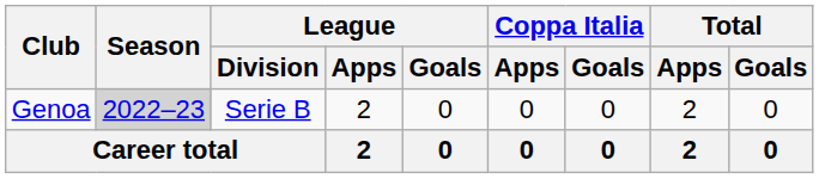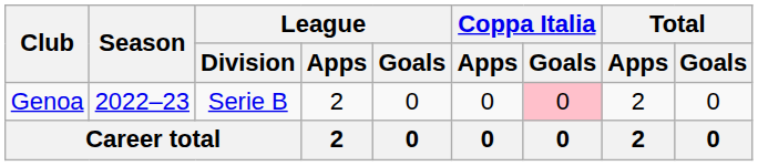 <table class="wikitable" style="text-align:center">
 <tr>
 <th rowspan="2">Club</th>
 <th rowspan="2">Season</th>
 <th colspan="3">League</th>
 <th colspan="2"><a href='#'>Coppa Italia</a></th>
 <th colspan="2">Total</th>
 </tr>
 <tr>
 <th>Division</th>
 <th>Apps</th>
 <th>Goals</th>
 <th>Apps</th>
 <th>Goals</th>
 <th>Apps</th>
 <th>Goals</th>
 </tr>
 <tr>
 <td><a href='#'>Genoa</a></td>
-<td style="background: lightgrey;"><a href='#'>2022–23</a></td>
+<td><a href='#'>2022–23</a></td>
 <td><a href='#'>Serie B</a></td>
 <td>2</td>
 <td>0</td>
 <td>0</td>
-<td>0</td>
+<td style="background: pink;">0</td>
 <td>2</td>
 <td>0</td>
 </tr>
 <tr>
 <th colspan="3">Career total</th>
 <th>2</th>
 <th>0</th>
 <th>0</th>
 <th>0</th>
 <th>2</th>
 <th>0</th>
 </tr>
 </table>
